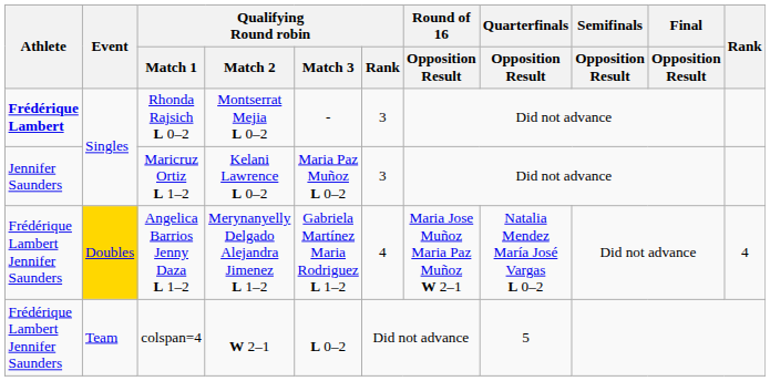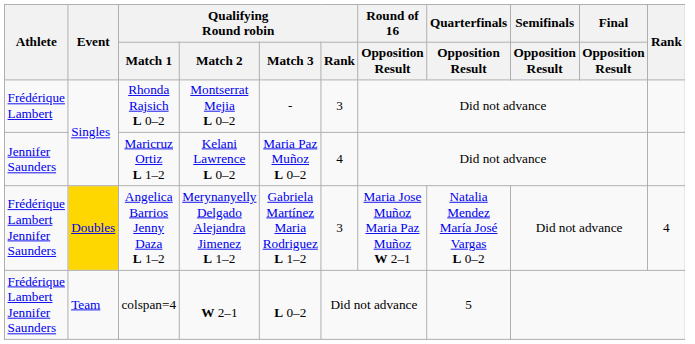 <table class="wikitable" style="font-size:90%">
 <tr>
 <th rowspan="2">Athlete</th>
 <th rowspan="2">Event</th>
 <th colspan="4">Qualifying<br>Round robin</th>
 <th>Round of 16</th>
 <th>Quarterfinals</th>
 <th>Semifinals</th>
 <th>Final</th>
 <th rowspan="2">Rank</th>
 </tr>
 <tr>
 <th>Match 1</th>
 <th>Match 2</th>
 <th>Match 3</th>
 <th>Rank</th>
 <th>Opposition<br>Result</th>
 <th>Opposition<br>Result</th>
 <th>Opposition<br>Result</th>
 <th>Opposition<br>Result</th>
 </tr>
 <tr align=center>
-<td align=left><strong><a href='#'>Frédérique Lambert</a></strong></td>
+<td align=left><a href='#'>Frédérique Lambert</a></td>
 <td rowspan=2 align=left><a href='#'>Singles</a></td>
 <td align=center> <a href='#'>Rhonda Rajsich</a><br><strong>L</strong> 0–2</td>
 <td align=center> <a href='#'>Montserrat Mejia</a><br><strong>L</strong> 0–2</td>
 <td align=center>-</td>
 <td>3</td>
 <td colspan=4>Did not advance</td>
 <td></td>
 </tr>
 <tr align=center>
 <td align=left><a href='#'>Jennifer Saunders</a></td>
 <td align=center> <a href='#'>Maricruz Ortiz</a><br><strong>L</strong> 1–2</td>
 <td align=center> <a href='#'>Kelani Lawrence</a><br><strong>L</strong> 0–2</td>
 <td align=center> <a href='#'>Maria Paz Muñoz</a><br><strong>L</strong> 0–2</td>
-<td>3</td>
+<td>4</td>
 <td colspan=4>Did not advance</td>
 <td></td>
 </tr>
 <tr align=center>
 <td align=left><a href='#'>Frédérique Lambert</a><br><a href='#'>Jennifer Saunders</a></td>
 <td align=left style="background: gold;"><a href='#'>Doubles</a></td>
 <td align=center> <a href='#'>Angelica Barrios</a><br><a href='#'>Jenny Daza</a><br><strong>L</strong> 1–2</td>
 <td align=center> <a href='#'>Merynanyelly Delgado</a><br><a href='#'>Alejandra Jimenez</a><br><strong>L</strong> 1–2</td>
 <td align=center> <a href='#'>Gabriela Martínez</a><br><a href='#'>Maria Rodriguez</a><br><strong>L</strong> 1–2</td>
-<td>4</td>
+<td>3</td>
 <td align=center> <a href='#'>Maria Jose Muñoz</a><br><a href='#'>Maria Paz Muñoz</a><br><strong>W</strong> 2–1</td>
 <td align=center> <a href='#'>Natalia Mendez</a><br><a href='#'>María José Vargas</a><br><strong>L</strong> 0–2</td>
 <td colspan=2>Did not advance</td>
 <td>4</td>
 </tr>
 <tr align=center>
 <td align=left><a href='#'>Frédérique Lambert</a><br><a href='#'>Jennifer Saunders</a></td>
 <td align=left><a href='#'>Team</a></td>
 <td>colspan=4 </td>
 <td align=center><br><strong>W</strong> 2–1</td>
 <td align=center><br><strong>L</strong> 0–2</td>
 <td colspan=2>Did not advance</td>
 <td>5</td>
 </tr>
 </table>
